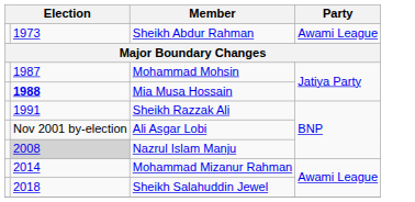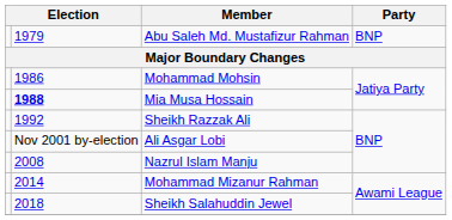 <table class="wikitable">
 <tr>
 <th colspan="2">Election</th>
 <th>Member</th>
 <th>Party</th>
 </tr>
 <tr>
 <td style="background-color:"></td>
-<td><a href='#'>1973</a></td>
-<td><a href='#'>Sheikh Abdur Rahman</a></td>
-<td><a href='#'>Awami League</a></td>
+<td><a href='#'>1979</a></td>
+<td><a href='#'>Abu Saleh Md. Mustafizur Rahman</a></td>
+<td><a href='#'>BNP</a></td>
 </tr>
 <tr>
 <th colspan="4">Major Boundary Changes</th>
 </tr>
 <tr>
 <td style="background-color:"></td>
-<td><a href='#'>1987</a></td>
+<td><a href='#'>1986</a></td>
 <td><a href='#'>Mohammad Mohsin</a></td>
 <td rowspan="2"><a href='#'>Jatiya Party</a></td>
 </tr>
 <tr>
 <td style="background-color:"></td>
 <td><strong><a href='#'>1988</a></strong></td>
 <td><a href='#'>Mia Musa Hossain</a></td>
 </tr>
 <tr>
 <td style="background-color:"></td>
-<td><a href='#'>1991</a></td>
+<td><a href='#'>1992</a></td>
 <td><a href='#'>Sheikh Razzak Ali</a></td>
 <td rowspan="3"><a href='#'>BNP</a></td>
 </tr>
 <tr>
 <td style="background-color:"></td>
 <td>Nov 2001 by-election</td>
 <td><a href='#'>Ali Asgar Lobi</a></td>
 </tr>
 <tr>
 <td style="background-color:"></td>
-<td style="background: lightgrey;"><a href='#'>2008</a></td>
+<td><a href='#'>2008</a></td>
 <td><a href='#'>Nazrul Islam Manju</a></td>
 </tr>
 <tr>
 <td style="background-color:"></td>
 <td><a href='#'>2014</a></td>
 <td><a href='#'>Mohammad Mizanur Rahman</a></td>
 <td rowspan="2"><a href='#'>Awami League</a></td>
 </tr>
 <tr>
 <td style="background-color:"></td>
 <td><a href='#'>2018</a></td>
 <td><a href='#'>Sheikh Salahuddin Jewel</a></td>
 </tr>
 <tr>
 </tr>
 </table>
